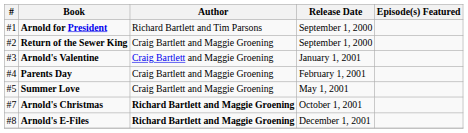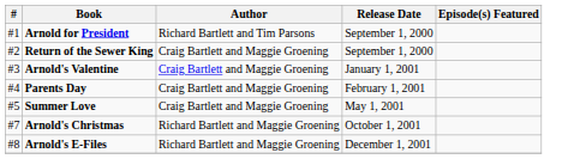 <table class="wikitable">
 <tr>
 <th>#</th>
 <th>Book</th>
 <th>Author</th>
 <th>Release Date</th>
 <th>Episode(s) Featured</th>
 </tr>
 <tr>
 <td>#1</td>
 <td><strong>Arnold for <a href='#'>President</a></strong></td>
 <td>Richard Bartlett and Tim Parsons</td>
 <td>September 1, 2000</td>
 <td></td>
 </tr>
 <tr>
 <td>#2</td>
 <td><strong>Return of the Sewer King</strong></td>
 <td>Craig Bartlett and Maggie Groening</td>
 <td>September 1, 2000</td>
 <td></td>
 </tr>
 <tr>
 <td>#3</td>
 <td><strong>Arnold's Valentine</strong></td>
 <td><a href='#'>Craig Bartlett</a> and Maggie Groening</td>
 <td>January 1, 2001</td>
 <td></td>
 </tr>
 <tr>
 <td>#4</td>
 <td><strong>Parents Day</strong></td>
 <td>Craig Bartlett and Maggie Groening</td>
 <td>February 1, 2001</td>
 <td></td>
 </tr>
 <tr>
 <td>#5</td>
 <td><strong>Summer Love</strong></td>
 <td>Craig Bartlett and Maggie Groening</td>
 <td>May 1, 2001</td>
 <td></td>
 </tr>
 <tr>
 <td>#7</td>
 <td><strong>Arnold's Christmas</strong></td>
-<td><strong>Richard Bartlett and Maggie Groening</strong></td>
+<td>Richard Bartlett and Maggie Groening</td>
 <td>October 1, 2001</td>
 <td></td>
 </tr>
 <tr>
 <td>#8</td>
 <td><strong>Arnold's E-Files</strong></td>
-<td><strong>Richard Bartlett and Maggie Groening</strong></td>
+<td>Richard Bartlett and Maggie Groening</td>
 <td>December 1, 2001</td>
 <td></td>
 </tr>
 <tr>
 </tr>
 </table>
